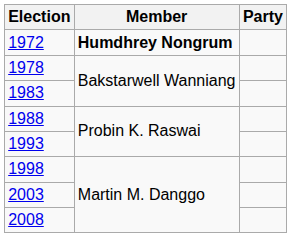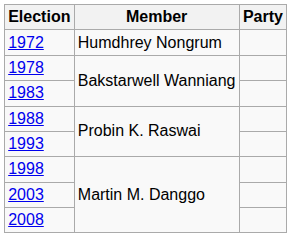 <table class="wikitable sortable">
 <tr>
 <th>Election</th>
 <th>Member</th>
 <th colspan=2>Party</th>
 </tr>
 <tr>
 </tr>
 <tr>
 </tr>
 <tr>
 </tr>
 <tr>
 </tr>
 <tr>
 <td><a href='#'>1972</a></td>
-<td><strong>Humdhrey Nongrum</strong></td>
+<td>Humdhrey Nongrum</td>
 <td></td>
 </tr>
 <tr>
 <td><a href='#'>1978</a></td>
 <td rowspan=2>Bakstarwell Wanniang</td>
 <td></td>
 </tr>
 <tr>
 <td><a href='#'>1983</a></td>
 </tr>
 <tr>
 <td><a href='#'>1988</a></td>
 <td rowspan=2>Probin K. Raswai</td>
 <td></td>
 </tr>
 <tr>
 <td><a href='#'>1993</a></td>
 </tr>
 <tr>
 <td><a href='#'>1998</a></td>
 <td rowspan=3>Martin M. Danggo</td>
 <td></td>
 </tr>
 <tr>
 <td><a href='#'>2003</a></td>
 <td></td>
 </tr>
 <tr>
 <td><a href='#'>2008</a></td>
 </tr>
 </table>
